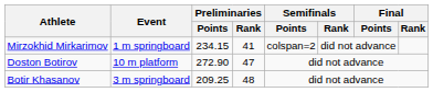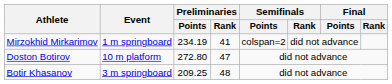 <table class=wikitable style="font-size:90%;">
 <tr>
 <th rowspan="2">Athlete</th>
 <th rowspan="2">Event</th>
 <th colspan="2">Preliminaries</th>
 <th colspan="2">Semifinals</th>
 <th colspan="2">Final</th>
 </tr>
 <tr style="font-size:95%">
 <th>Points</th>
 <th>Rank</th>
 <th>Points</th>
 <th>Rank</th>
 <th>Points</th>
 <th>Rank</th>
 </tr>
 <tr align=center>
 <td align=left><a href='#'>Mirzokhid Mirkarimov</a></td>
 <td align=left><a href='#'>1 m springboard</a></td>
-<td>234.15</td>
+<td>234.19</td>
 <td>41</td>
 <td>colspan=2 </td>
 <td colspan=2>did not advance</td>
 </tr>
 <tr align=center>
 <td align=left><a href='#'>Doston Botirov</a></td>
 <td align=left><a href='#'>10 m platform</a></td>
-<td>272.90</td>
+<td>272.80</td>
 <td>47</td>
 <td colspan=4>did not advance</td>
 </tr>
 <tr align=center>
 <td align=left><a href='#'>Botir Khasanov</a></td>
 <td align=left><a href='#'>3 m springboard</a></td>
 <td>209.25</td>
 <td>48</td>
 <td colspan=4>did not advance</td>
 </tr>
 </table>
